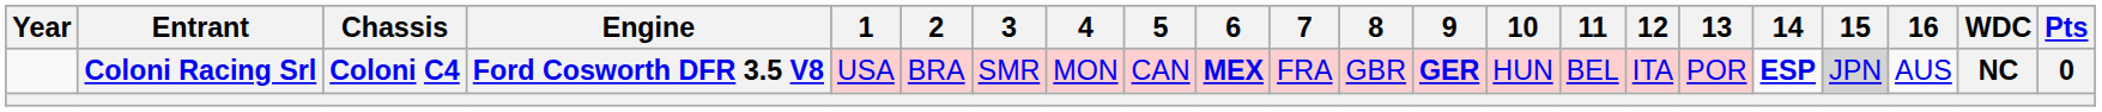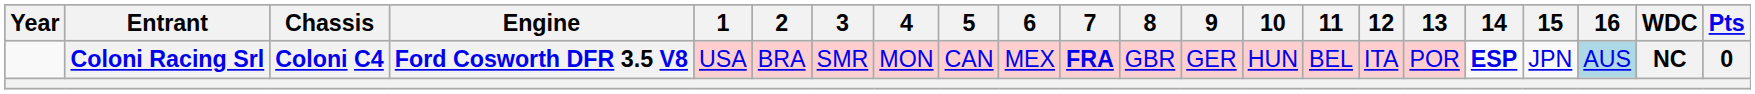 <table class="wikitable" style="text-align:center; font-size:85%">
 <tr>
 <th>Year</th>
 <th>Entrant</th>
 <th>Chassis</th>
 <th>Engine</th>
 <th>1</th>
 <th>2</th>
 <th>3</th>
 <th>4</th>
 <th>5</th>
 <th>6</th>
 <th>7</th>
 <th>8</th>
 <th>9</th>
 <th>10</th>
 <th>11</th>
 <th>12</th>
 <th>13</th>
 <th>14</th>
 <th>15</th>
 <th>16</th>
 <th>WDC</th>
 <th><a href='#'>Pts</a></th>
 </tr>
 <tr>
 <td></td>
 <th nowrap><a href='#'>Coloni Racing Srl</a></th>
 <th nowrap><a href='#'>Coloni</a> <a href='#'>C4</a></th>
 <th nowrap><a href='#'>Ford Cosworth DFR</a> 3.5 <a href='#'>V8</a></th>
 <td style="background:#FFCFCF;"><a href='#'>USA</a><br></td>
 <td style="background:#FFCFCF;"><a href='#'>BRA</a><br></td>
 <td style="background:#FFCFCF;"><a href='#'>SMR</a><br></td>
 <td style="background:#FFCFCF;"><a href='#'>MON</a><br></td>
 <td style="background:#FFCFCF;"><a href='#'>CAN</a><br></td>
-<td style="background:#FFCFCF;"><strong><a href='#'>MEX</a><br></strong></td>
-<td style="background:#FFCFCF;"><a href='#'>FRA</a><br></td>
+<td style="background:#FFCFCF;"><a href='#'>MEX</a><br></td>
+<td style="background:#FFCFCF;"><strong><a href='#'>FRA</a><br></strong></td>
 <td style="background:#FFCFCF;"><a href='#'>GBR</a><br></td>
-<td style="background:#FFCFCF;"><strong><a href='#'>GER</a><br></strong></td>
+<td style="background:#FFCFCF;"><a href='#'>GER</a><br></td>
 <td style="background:#FFCFCF;"><a href='#'>HUN</a><br></td>
 <td style="background:#FFCFCF;"><a href='#'>BEL</a><br></td>
 <td style="background:#FFCFCF;"><a href='#'>ITA</a><br></td>
 <td style="background:#FFCFCF;"><a href='#'>POR</a><br></td>
 <td><strong><a href='#'>ESP</a></strong></td>
-<td style="background: lightgrey;"><a href='#'>JPN</a></td>
-<td><a href='#'>AUS</a></td>
+<td><a href='#'>JPN</a></td>
+<td style="background: lightblue;"><a href='#'>AUS</a></td>
 <th>NC</th>
 <th>0</th>
 </tr>
 <tr>
 <th colspan="22"></th>
 </tr>
 </table>
